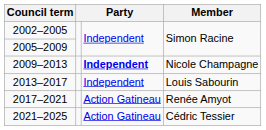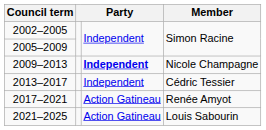 <table class="wikitable">
 <tr>
 <th>Council term</th>
 <th colspan="2">Party</th>
 <th>Member</th>
 </tr>
 <tr>
 <td align="center">2002–2005</td>
 <td rowspan="2" style="color:inherit;background-color:"></td>
 <td rowspan="2"><a href='#'>Independent</a></td>
 <td rowspan="2">Simon Racine</td>
 </tr>
 <tr>
 <td align="center">2005–2009</td>
 </tr>
 <tr>
 <td align="center">2009–2013</td>
 <td style="color:inherit;background-color:"></td>
 <td><strong><a href='#'>Independent</a></strong></td>
 <td>Nicole Champagne</td>
 </tr>
 <tr>
 <td align="center">2013–2017</td>
 <td style="color:inherit;background-color:"></td>
 <td><a href='#'>Independent</a></td>
-<td>Louis Sabourin</td>
+<td>Cédric Tessier</td>
 </tr>
 <tr>
 <td align="center">2017–2021</td>
 <td style="color:inherit;background-color:"></td>
 <td><a href='#'>Action Gatineau</a></td>
 <td>Renée Amyot</td>
 </tr>
 <tr>
 <td align="center">2021–2025</td>
 <td style="color:inherit;background-color:"></td>
 <td><a href='#'>Action Gatineau</a></td>
-<td>Cédric Tessier</td>
+<td>Louis Sabourin</td>
 </tr>
 </table>
